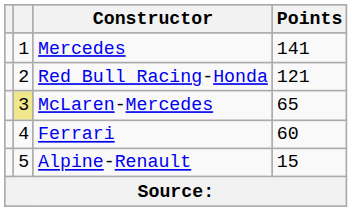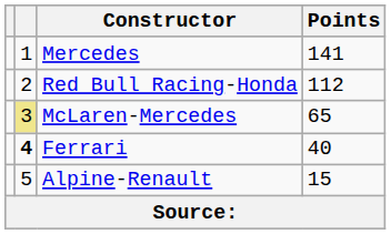 <table class="wikitable" style="font-size: 85%;">
 <tr>
 <th scope="col"></th>
 <th scope="col"></th>
 <th scope="col">Constructor</th>
 <th scope="col">Points</th>
 </tr>
 <tr>
 <td align="left"></td>
 <td align="center">1</td>
 <td> <a href='#'>Mercedes</a></td>
 <td align="left">141</td>
 </tr>
 <tr>
 <td align="left"></td>
 <td align="center">2</td>
 <td> <a href='#'>Red Bull Racing</a>-<a href='#'>Honda</a></td>
-<td align="left">121</td>
+<td align="left">112</td>
 </tr>
 <tr>
 <td align="left"></td>
 <td align="center" style="background: khaki;">3</td>
 <td> <a href='#'>McLaren</a>-<a href='#'>Mercedes</a></td>
 <td align="left">65</td>
 </tr>
 <tr>
 <td align="left"></td>
-<td align="center">4</td>
+<td align="center"><strong>4</strong></td>
 <td> <a href='#'>Ferrari</a></td>
-<td align="left">60</td>
+<td align="left">40</td>
 </tr>
 <tr>
 <td align="left"></td>
 <td align="center">5</td>
 <td> <a href='#'>Alpine</a>-<a href='#'>Renault</a></td>
 <td align="left">15</td>
 </tr>
 <tr>
 <th colspan=4>Source:</th>
 </tr>
 </table>
